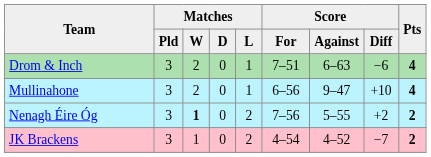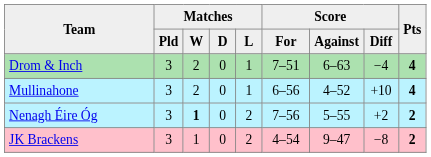 <table style=border-collapse:collapse border=1 cellspacing=0 cellpadding=5>
 <tr align=center bgcolor=#efefef>
 <th rowspan=2 width=165>Team</th>
 <th colspan=4>Matches</th>
 <th colspan=3>Score</th>
 <th rowspan=2width=20>Pts</th>
 </tr>
 <tr align=center bgcolor=#efefef>
 <th width=20>Pld</th>
 <th width=20>W</th>
 <th width=20>D</th>
 <th width=20>L</th>
 <th width=45>For</th>
 <th width=45>Against</th>
 <th width=30>Diff</th>
 </tr>
 <tr align=center style="background:#ACE1AF;">
 <td style="text-align:left;"> <a href='#'>Drom & Inch</a></td>
 <td>3</td>
 <td>2</td>
 <td>0</td>
 <td>1</td>
 <td>7–51</td>
 <td>6–63</td>
-<td>−6</td>
+<td>−4</td>
 <td><strong>4</strong></td>
 </tr>
 <tr align=center style="background:#BBF3FF;">
 <td style="text-align:left;"> <a href='#'>Mullinahone</a></td>
 <td>3</td>
 <td>2</td>
 <td>0</td>
 <td>1</td>
 <td>6–56</td>
-<td>9–47</td>
+<td>4–52</td>
 <td>+10</td>
 <td><strong>4</strong></td>
 </tr>
 <tr align=center style="background:#BBF3FF;">
 <td style="text-align:left;"> <a href='#'>Nenagh Éire Óg</a></td>
 <td>3</td>
 <td><strong>1</strong></td>
 <td>0</td>
 <td>2</td>
 <td>7–56</td>
 <td>5–55</td>
 <td>+2</td>
 <td><strong>2</strong></td>
 </tr>
 <tr align=center style="background:#FFC0CB;">
 <td style="text-align:left;"> <a href='#'>JK Brackens</a></td>
 <td>3</td>
 <td>1</td>
 <td>0</td>
 <td>2</td>
 <td>4–54</td>
-<td>4–52</td>
-<td>−7</td>
+<td>9–47</td>
+<td>−8</td>
 <td><strong>2</strong></td>
 </tr>
 </table>
